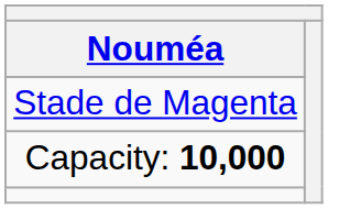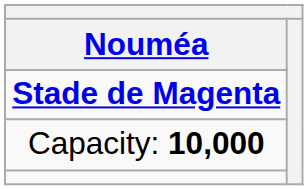 <table class="wikitable" style="text-align:center;">
 <tr>
 <th colspan=2></th>
 </tr>
 <tr>
 <th><strong><a href='#'>Nouméa</a></strong></th>
 <th rowspan="4" text-align="center"></th>
 </tr>
 <tr>
-<td><a href='#'>Stade de Magenta</a></td>
+<td><strong><a href='#'>Stade de Magenta</a></strong></td>
 </tr>
 <tr>
 <td>Capacity: <strong>10,000</strong></td>
 </tr>
 <tr>
 <td></td>
 </tr>
 </table>
